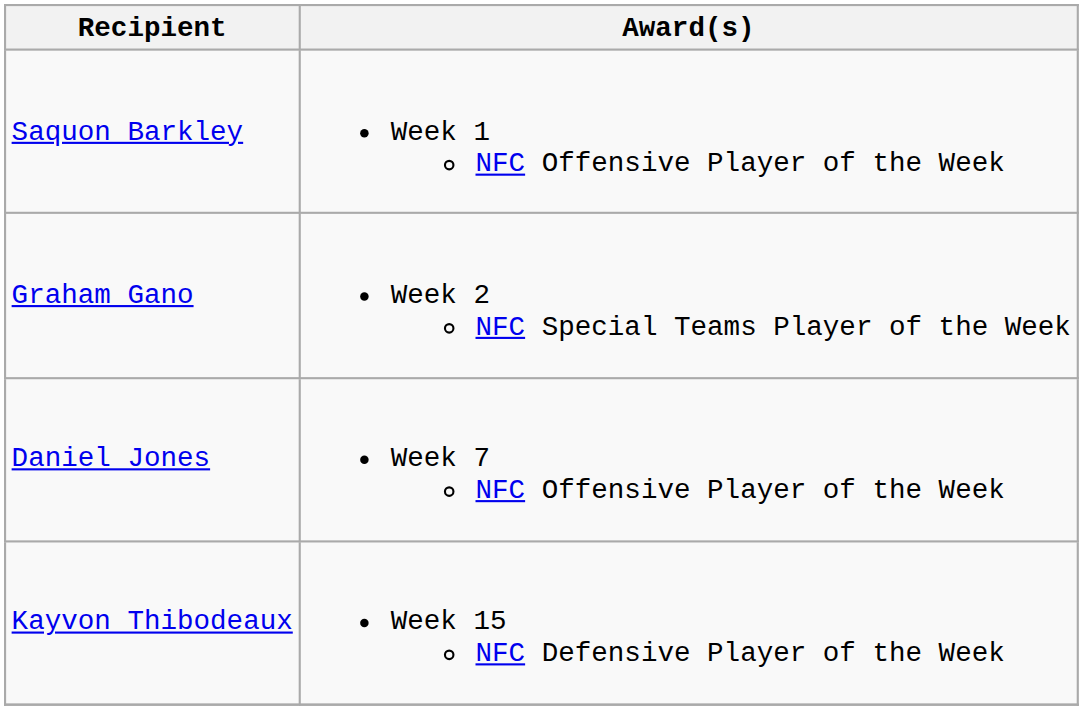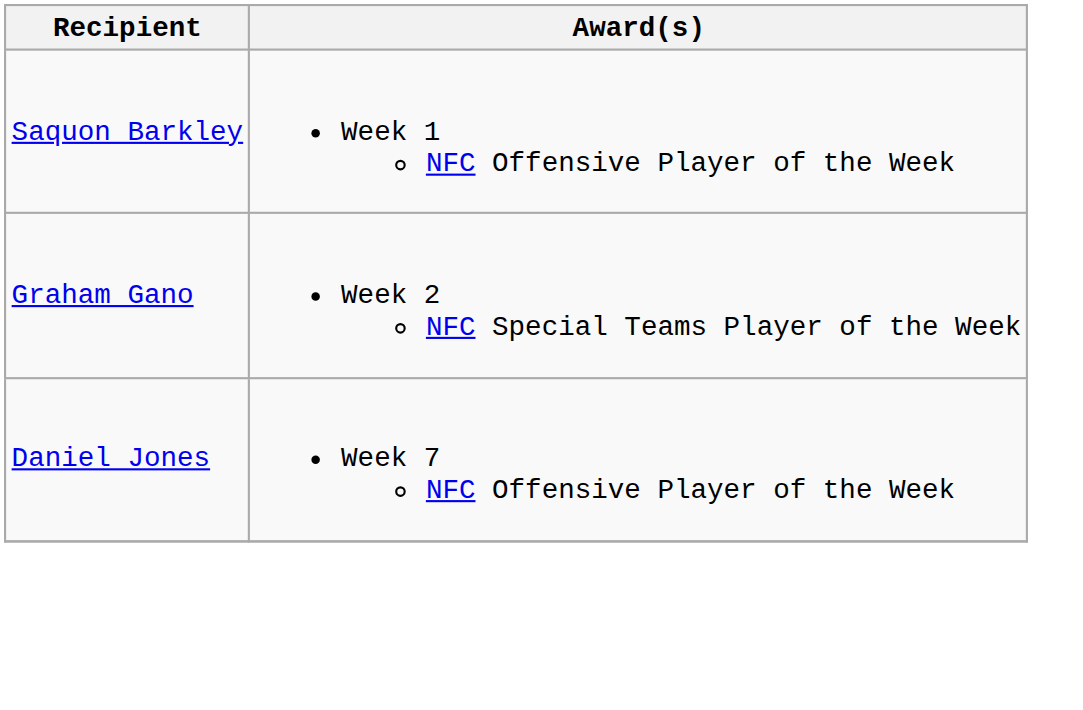 <table class="wikitable">
 <tr>
 <th>Recipient</th>
 <th>Award(s)</th>
 </tr>
 <tr>
 <td><a href='#'>Saquon Barkley</a></td>
 <td><br><ul><li>Week 1<ul><li><a href='#'>NFC</a> Offensive Player of the Week</li></ul></li></ul></td>
 </tr>
 <tr>
 <td><a href='#'>Graham Gano</a></td>
 <td><br><ul><li>Week 2<ul><li><a href='#'>NFC</a> Special Teams Player of the Week</li></ul></li></ul></td>
 </tr>
 <tr>
 <td><a href='#'>Daniel Jones</a></td>
 <td><br><ul><li>Week 7<ul><li><a href='#'>NFC</a> Offensive Player of the Week</li></ul></li></ul></td>
 </tr>
 <tr>
-<td><a href='#'>Kayvon Thibodeaux</a></td>
-<td><br><ul><li>Week 15<ul><li><a href='#'>NFC</a> Defensive Player of the Week</li></ul></li></ul></td>
-</tr>
-<tr>
 </tr>
 </table>
